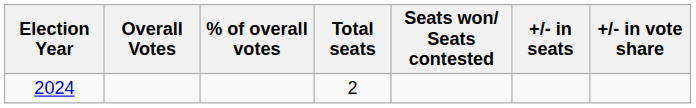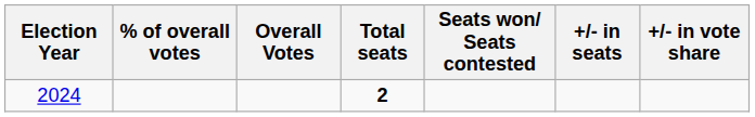 <table class="wikitable sortable" style="text-align:center">
 <tr>
 <th Style="background-color:">Election Year</th>
+<th Style="background-color:">% of overall votes</th>
 <th Style="background-color:">Overall Votes</th>
-<th Style="background-color:">% of overall votes</th>
 <th Style="background-color:">Total seats</th>
 <th Style="background-color:">Seats won/<br>Seats contested</th>
 <th Style="background-color:">+/- in seats</th>
 <th Style="background-color:">+/- in vote share</th>
 </tr>
 <tr>
 <td><a href='#'>2024</a></td>
 <td></td>
 <td></td>
-<td>2</td>
+<td><strong>2</strong></td>
 <td></td>
 <td></td>
 <td></td>
 </tr>
 </table>
